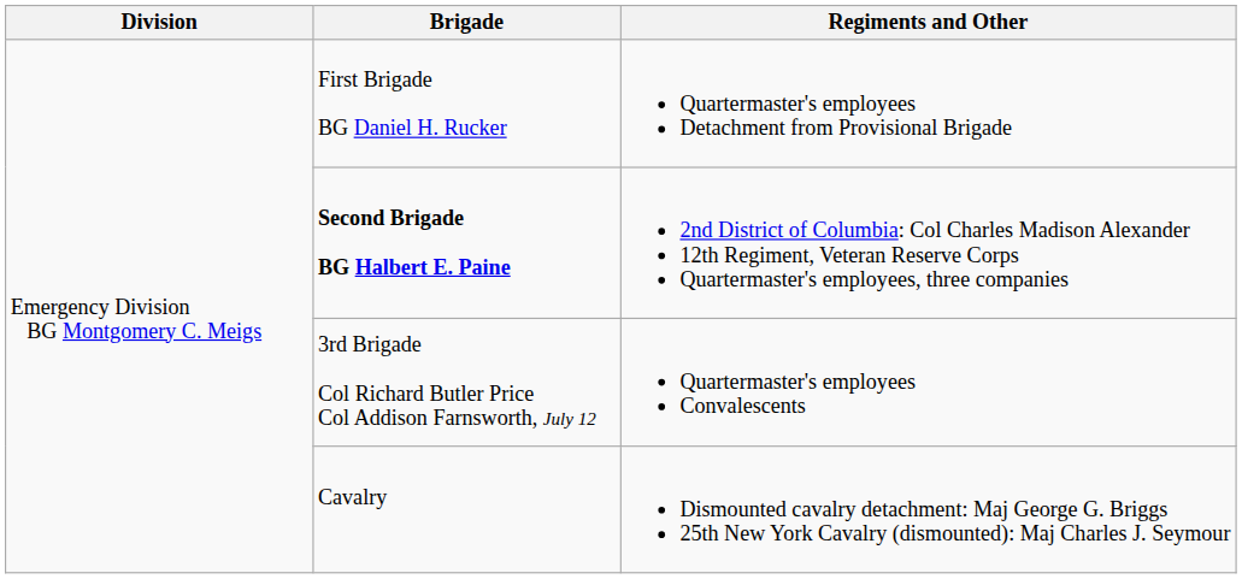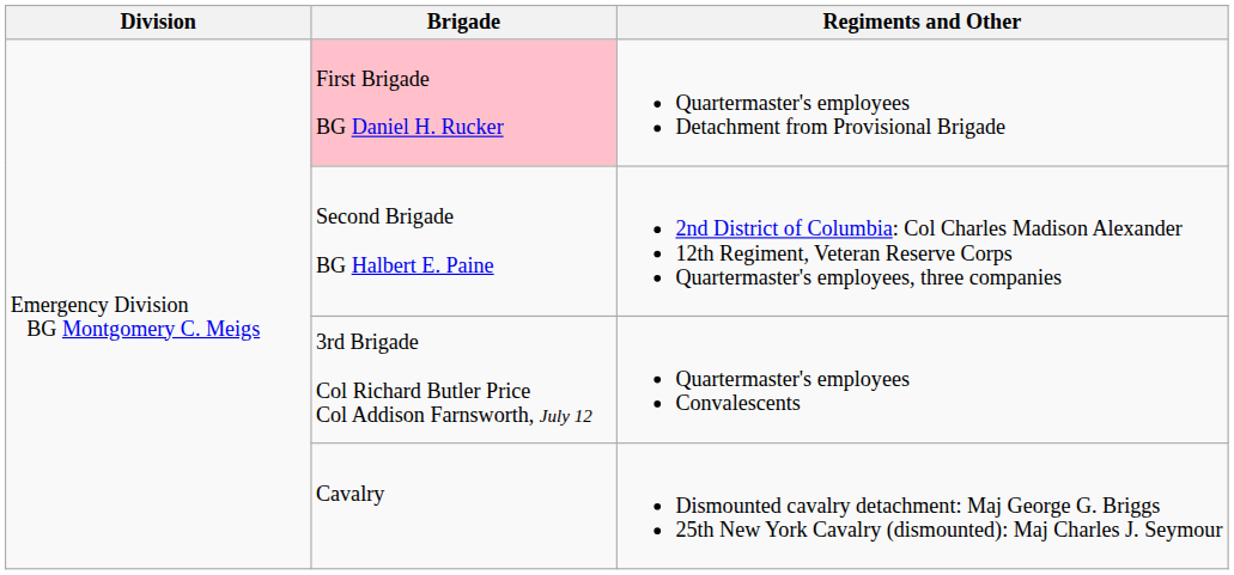 <table class="wikitable">
 <tr>
 <th width=25%>Division</th>
 <th width=25%>Brigade</th>
 <th>Regiments and Other</th>
 </tr>
 <tr>
 <td rowspan=4><br>Emergency Division <br>   BG <a href='#'>Montgomery C. Meigs</a></td>
-<td>First Brigade<br><br> BG <a href='#'>Daniel H. Rucker</a></td>
+<td style="background: pink;">First Brigade<br><br> BG <a href='#'>Daniel H. Rucker</a></td>
 <td><br><ul><li>Quartermaster's employees</li><li>Detachment from Provisional Brigade</li></ul></td>
 </tr>
 <tr>
-<td><strong>Second Brigade<br><br> BG <a href='#'>Halbert E. Paine</a></strong></td>
+<td>Second Brigade<br><br> BG <a href='#'>Halbert E. Paine</a></td>
 <td><br><ul><li><a href='#'>2nd District of Columbia</a>: Col Charles Madison Alexander</li><li>12th Regiment, Veteran Reserve Corps</li><li>Quartermaster's employees, three companies</li></ul></td>
 </tr>
 <tr>
 <td>3rd Brigade<br><br> Col Richard Butler Price<br> Col Addison Farnsworth, <small><em>July 12</em></small></td>
 <td><br><ul><li>Quartermaster's employees</li><li>Convalescents</li></ul></td>
 </tr>
 <tr>
 <td>Cavalry<br><br></td>
 <td><br><ul><li>Dismounted cavalry detachment: Maj George G. Briggs</li><li>25th New York Cavalry (dismounted): Maj Charles J. Seymour</li></ul></td>
 </tr>
 </table>
